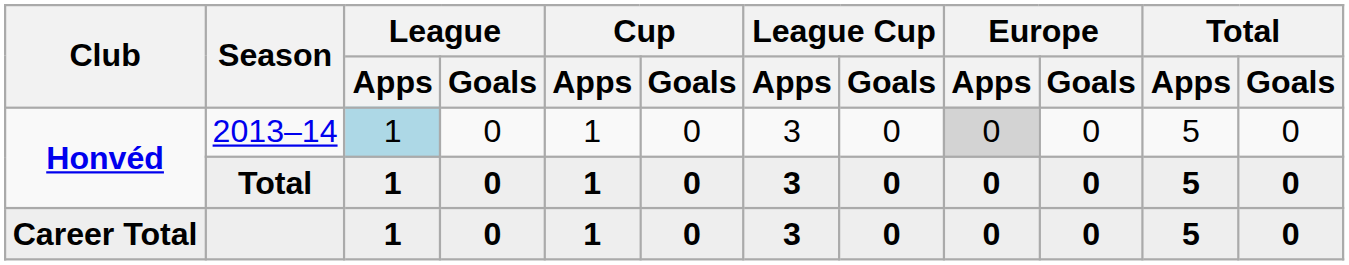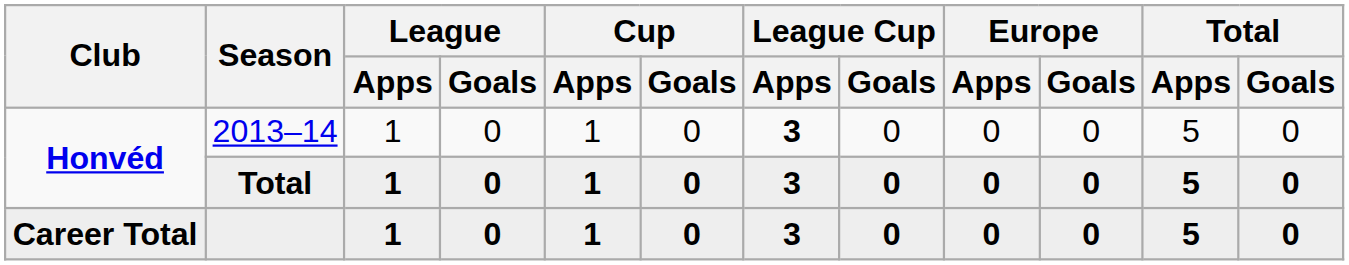 <table class="wikitable" style="font-size:90%; text-align: center;">
 <tr>
 <th rowspan="2">Club</th>
 <th rowspan="2">Season</th>
 <th colspan="2">League</th>
 <th colspan="2">Cup</th>
 <th colspan="2">League Cup</th>
 <th colspan="2">Europe</th>
 <th colspan="2">Total</th>
 </tr>
 <tr>
 <th>Apps</th>
 <th>Goals</th>
 <th>Apps</th>
 <th>Goals</th>
 <th>Apps</th>
 <th>Goals</th>
 <th>Apps</th>
 <th>Goals</th>
 <th>Apps</th>
 <th>Goals</th>
 </tr>
 <tr>
 <td rowspan="2" valign="center"><strong><a href='#'>Honvéd</a></strong></td>
 <td><a href='#'>2013–14</a></td>
-<td style="background: lightblue;">1</td>
+<td>1</td>
 <td>0</td>
 <td>1</td>
 <td>0</td>
-<td>3</td>
+<td><strong>3</strong></td>
 <td>0</td>
-<td style="background: lightgrey;">0</td>
+<td>0</td>
 <td>0</td>
 <td>5</td>
 <td>0</td>
 </tr>
 <tr style="font-weight:bold; background-color:#eeeeee;">
 <td>Total</td>
 <td>1</td>
 <td>0</td>
 <td>1</td>
 <td>0</td>
 <td>3</td>
 <td>0</td>
 <td>0</td>
 <td>0</td>
 <td>5</td>
 <td>0</td>
 </tr>
 <tr style="font-weight:bold; background-color:#eeeeee;">
 <td><strong>Career Total</strong></td>
 <td></td>
 <td><strong>1</strong></td>
 <td><strong>0</strong></td>
 <td><strong>1</strong></td>
 <td><strong>0</strong></td>
 <td><strong>3</strong></td>
 <td><strong>0</strong></td>
 <td><strong>0</strong></td>
 <td><strong>0</strong></td>
 <td><strong>5</strong></td>
 <td><strong>0</strong></td>
 </tr>
 </table>
